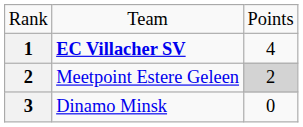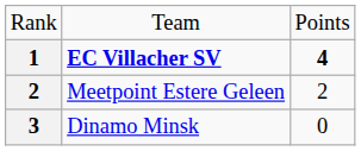 <table class="wikitable" style="text-align: center;">
 <tr>
 <td>Rank</td>
 <td>Team</td>
 <td>Points</td>
 </tr>
 <tr>
 <th>1</th>
 <td style="text-align: left;"> <strong><a href='#'>EC Villacher SV</a></strong></td>
-<td>4</td>
+<td><strong>4</strong></td>
 </tr>
 <tr>
 <th>2</th>
 <td style="text-align: left;"> <a href='#'>Meetpoint Estere Geleen</a></td>
-<td style="background: lightgrey;">2</td>
+<td>2</td>
 </tr>
 <tr>
 <th>3</th>
 <td style="text-align: left;"> <a href='#'>Dinamo Minsk</a></td>
 <td>0</td>
 </tr>
 </table>
